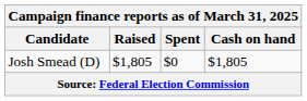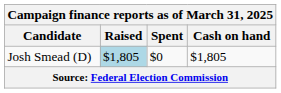 <table class="wikitable sortable">
 <tr>
 <th colspan=4>Campaign finance reports as of March 31, 2025</th>
 </tr>
 <tr style="text-align:center;">
 <th>Candidate</th>
 <th>Raised</th>
 <th>Spent</th>
 <th>Cash on hand</th>
 </tr>
 <tr>
 <td>Josh Smead (D)</td>
-<td>$1,805</td>
+<td style="background: lightblue;">$1,805</td>
 <td>$0</td>
 <td>$1,805</td>
 </tr>
 <tr>
 <th colspan="4"><small>Source: <a href='#'>Federal Election Commission</a></small></th>
 </tr>
 </table>
